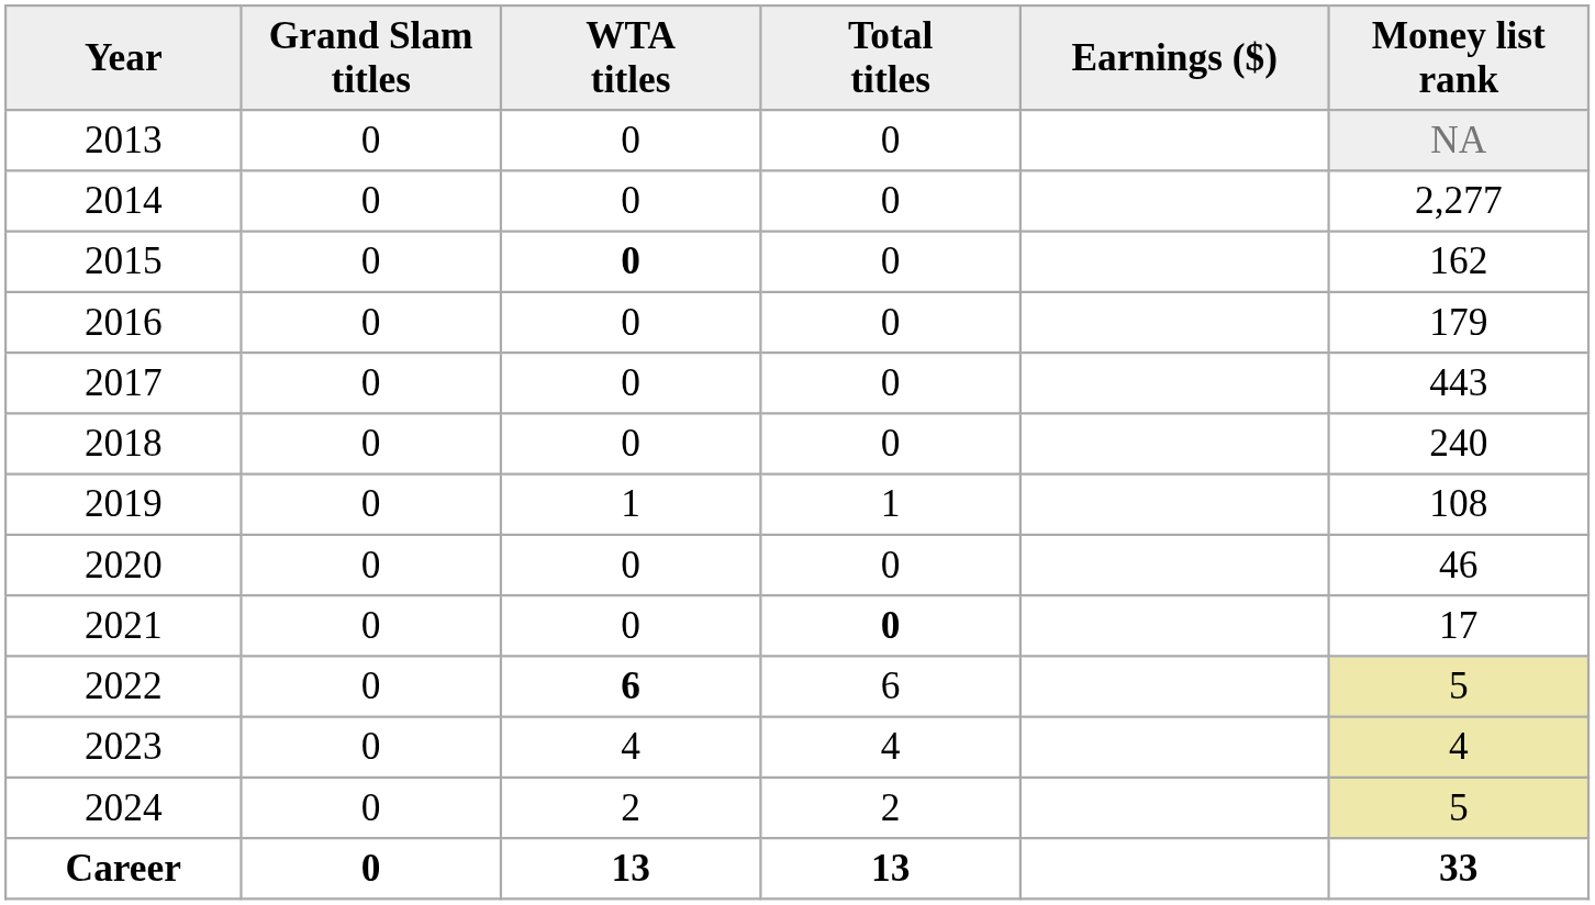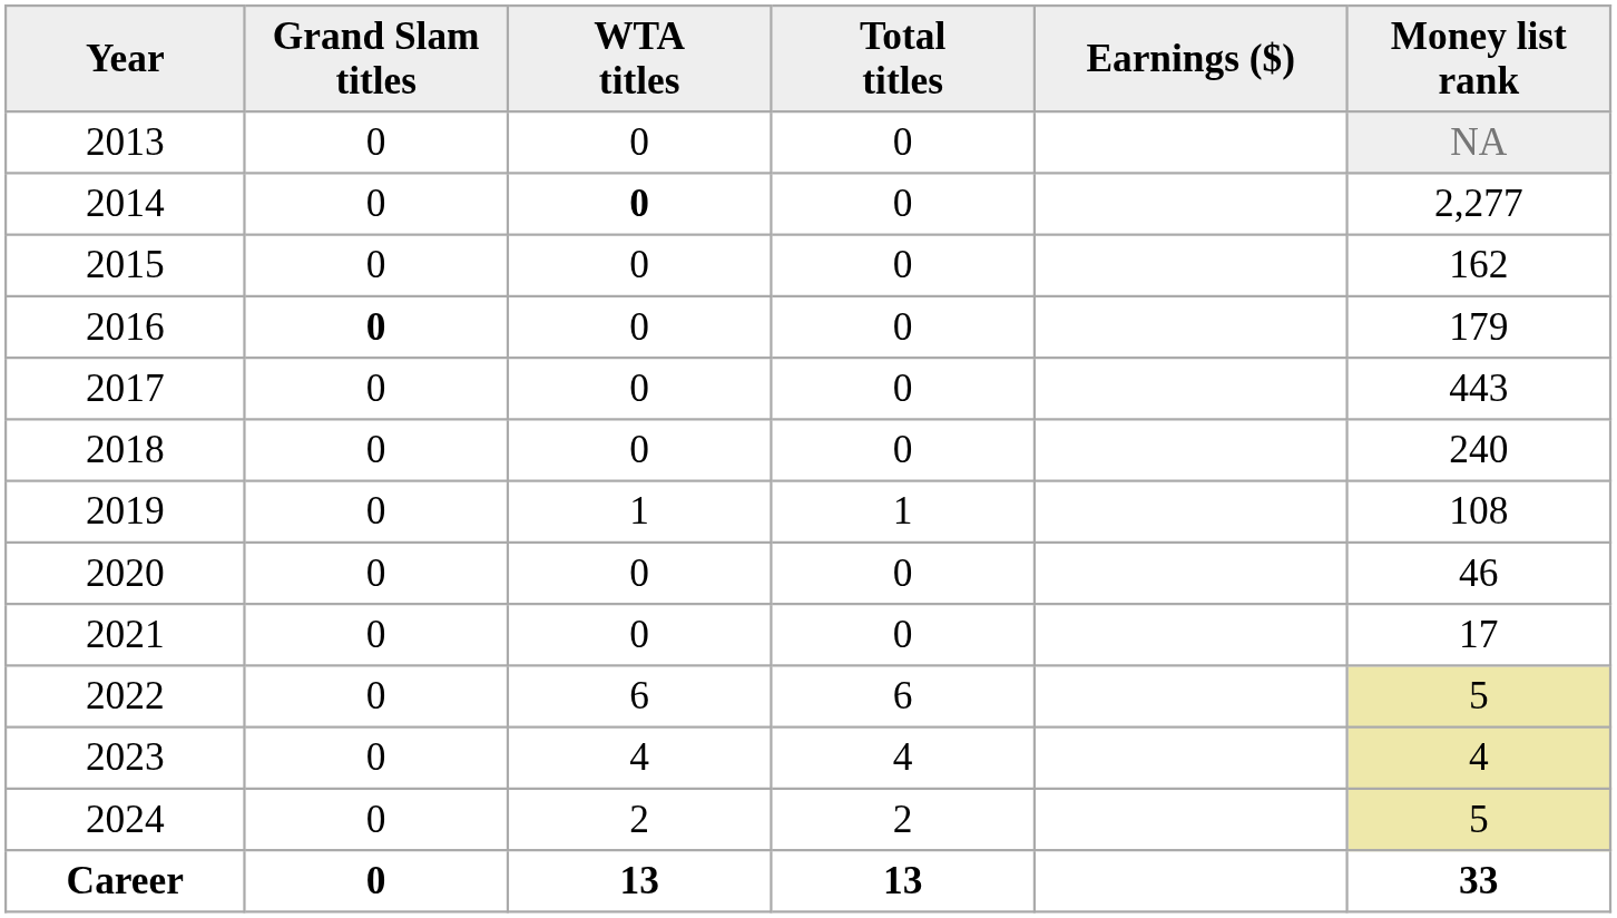 <table cellpadding=3 cellspacing=0 border=1 style=border:#aaa;solid:1px;border-collapse:collapse;text-align:center;>
 <tr style=background:#eee;font-weight:bold>
 <td width="90">Year</td>
 <td width="100">Grand Slam <br>titles</td>
 <td width="100">WTA <br>titles</td>
 <td width="100">Total <br>titles</td>
 <td width="120">Earnings ($)</td>
 <td width="100">Money list rank</td>
 </tr>
 <tr>
 <td>2013</td>
 <td>0</td>
 <td>0</td>
 <td>0</td>
 <td align="right"></td>
 <td style="color:#767676" bgcolor="efefef">NA</td>
 </tr>
 <tr>
 <td>2014</td>
 <td>0</td>
-<td>0</td>
+<td><strong>0</strong></td>
 <td>0</td>
 <td align="right"></td>
 <td>2,277</td>
 </tr>
 <tr>
 <td>2015</td>
 <td>0</td>
-<td><strong>0</strong></td>
+<td>0</td>
 <td>0</td>
 <td align="right"></td>
 <td>162</td>
 </tr>
 <tr>
 <td>2016</td>
-<td>0</td>
+<td><strong>0</strong></td>
 <td>0</td>
 <td>0</td>
 <td align="right"></td>
 <td>179</td>
 </tr>
 <tr>
 <td>2017</td>
 <td>0</td>
 <td>0</td>
 <td>0</td>
 <td align="right"></td>
 <td>443</td>
 </tr>
 <tr>
 <td>2018</td>
 <td>0</td>
 <td>0</td>
 <td>0</td>
 <td align="right"></td>
 <td>240</td>
 </tr>
 <tr>
 <td>2019</td>
 <td>0</td>
 <td>1</td>
 <td>1</td>
 <td align="right"></td>
 <td>108</td>
 </tr>
 <tr>
 <td>2020</td>
 <td>0</td>
 <td>0</td>
 <td>0</td>
 <td align="right"></td>
 <td>46</td>
 </tr>
 <tr>
 <td>2021</td>
 <td>0</td>
 <td>0</td>
-<td><strong>0</strong></td>
+<td>0</td>
 <td align="right"></td>
 <td>17</td>
 </tr>
 <tr>
 <td>2022</td>
 <td>0</td>
-<td><strong>6</strong></td>
+<td>6</td>
 <td>6</td>
 <td align="right"></td>
 <td bgcolor=eee8aa>5</td>
 </tr>
 <tr>
 <td>2023</td>
 <td>0</td>
 <td>4</td>
 <td>4</td>
 <td align="right"></td>
 <td bgcolor=eee8aa>4</td>
 </tr>
 <tr>
 <td>2024</td>
 <td>0</td>
 <td>2</td>
 <td>2</td>
 <td align="right"></td>
 <td bgcolor=eee8aa>5</td>
 </tr>
 <tr style="font-weight:bold;">
 <td>Career</td>
 <td>0</td>
 <td>13</td>
 <td>13</td>
 <td align="right"></td>
 <td>33</td>
 </tr>
 </table>
